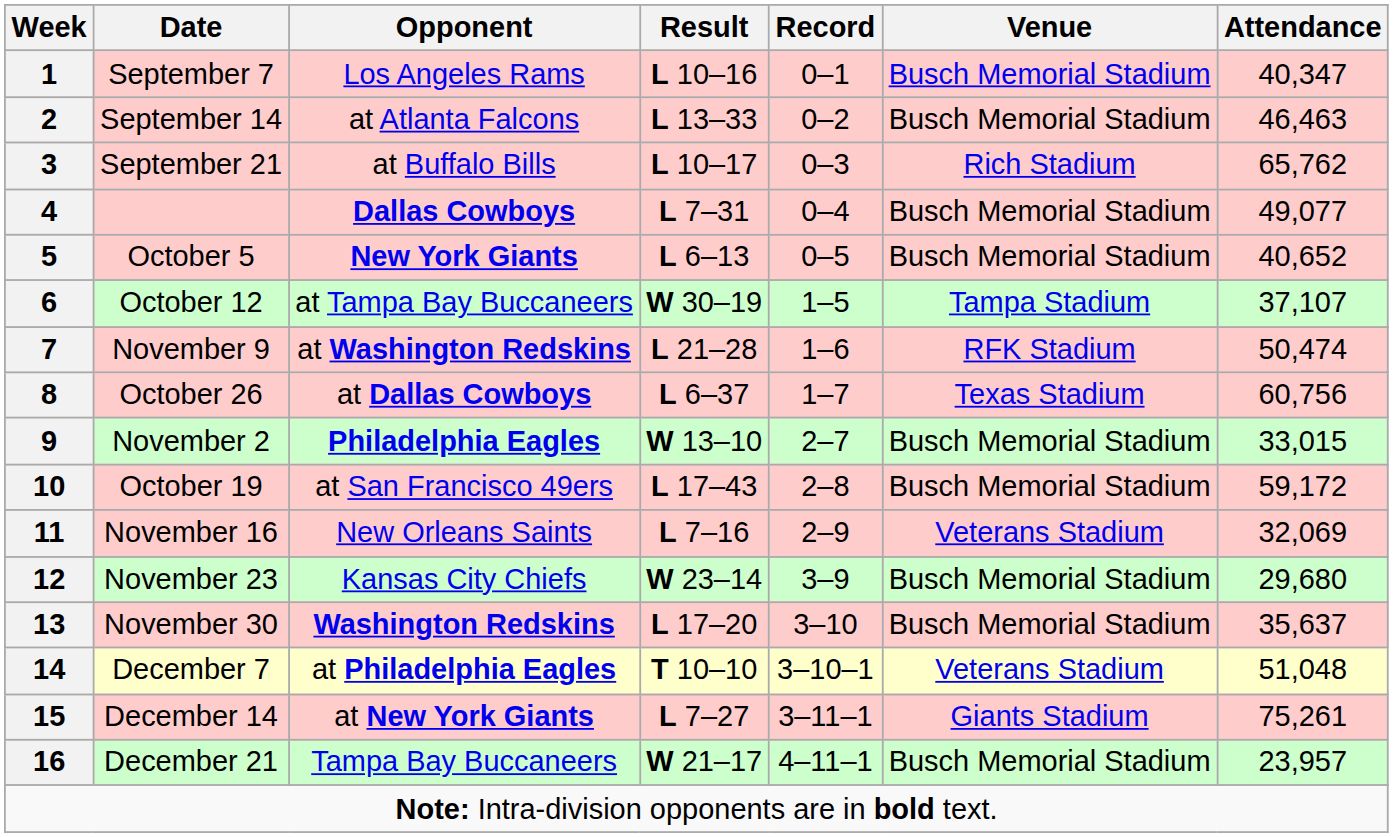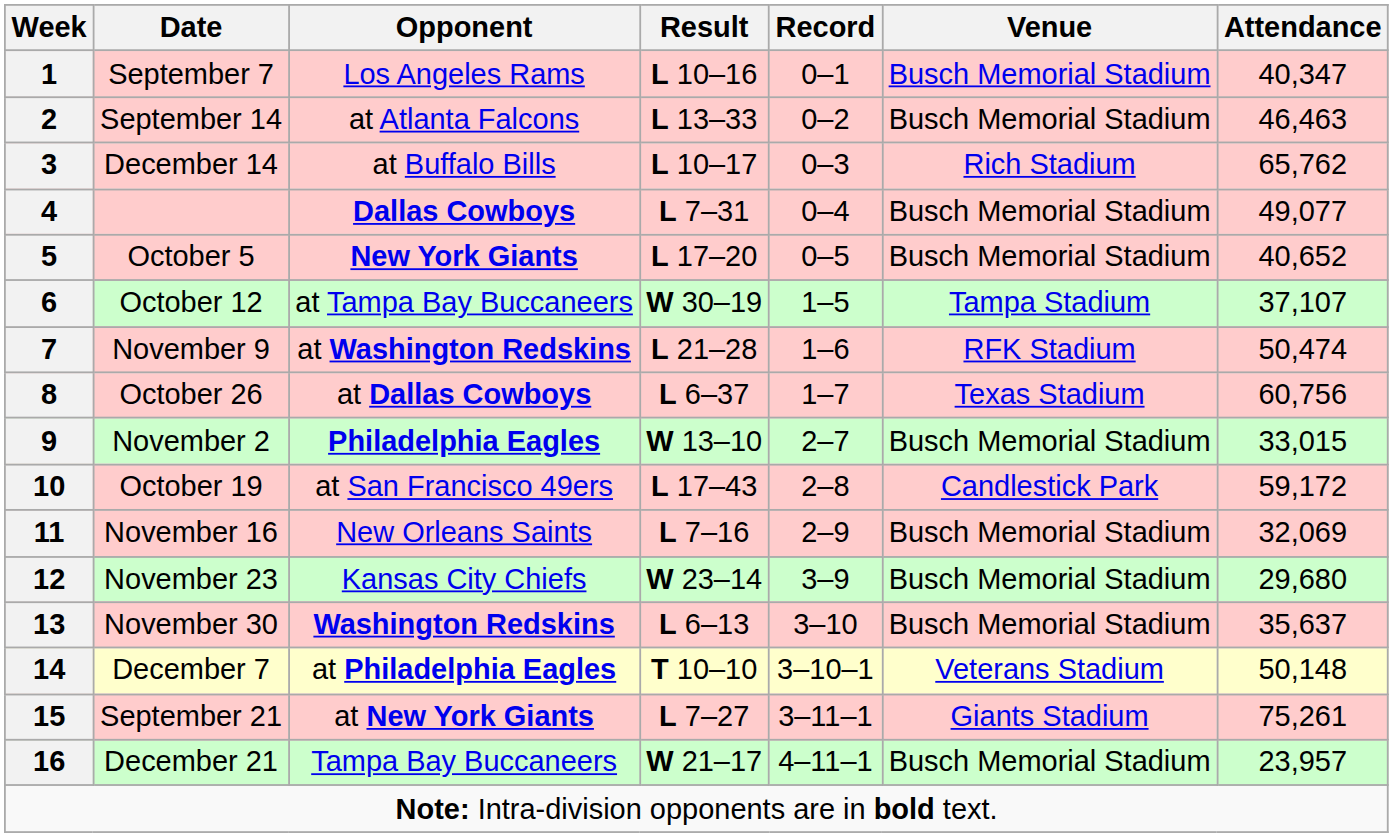 <table class="wikitable" style="text-align:center">
 <tr>
 <th>Week</th>
 <th>Date</th>
 <th>Opponent</th>
 <th>Result</th>
 <th>Record</th>
 <th>Venue</th>
 <th>Attendance</th>
 </tr>
 <tr style="background:#fcc">
 <th>1</th>
 <td>September 7</td>
 <td><a href='#'>Los Angeles Rams</a></td>
 <td><strong>L</strong> 10–16</td>
 <td>0–1</td>
 <td><a href='#'>Busch Memorial Stadium</a></td>
 <td>40,347</td>
 </tr>
 <tr style="background:#fcc">
 <th>2</th>
 <td>September 14</td>
 <td>at <a href='#'>Atlanta Falcons</a></td>
 <td><strong>L</strong> 13–33</td>
 <td>0–2</td>
 <td>Busch Memorial Stadium</td>
 <td>46,463</td>
 </tr>
 <tr style="background:#fcc">
 <th>3</th>
-<td>September 21</td>
+<td>December 14</td>
 <td>at <a href='#'>Buffalo Bills</a></td>
 <td><strong>L</strong> 10–17</td>
 <td>0–3</td>
 <td><a href='#'>Rich Stadium</a></td>
 <td>65,762</td>
 </tr>
 <tr style="background:#fcc">
 <th>4</th>
 <td></td>
 <td><strong><a href='#'>Dallas Cowboys</a></strong></td>
 <td><strong>L</strong> 7–31</td>
 <td>0–4</td>
 <td>Busch Memorial Stadium</td>
 <td>49,077</td>
 </tr>
 <tr style="background:#fcc">
 <th>5</th>
 <td>October 5</td>
 <td><strong><a href='#'>New York Giants</a></strong></td>
-<td><strong>L</strong> 6–13</td>
+<td><strong>L</strong> 17–20</td>
 <td>0–5</td>
 <td>Busch Memorial Stadium</td>
 <td>40,652</td>
 </tr>
 <tr style="background:#cfc">
 <th>6</th>
 <td>October 12</td>
 <td>at <a href='#'>Tampa Bay Buccaneers</a></td>
 <td><strong>W</strong> 30–19</td>
 <td>1–5</td>
 <td><a href='#'>Tampa Stadium</a></td>
 <td>37,107</td>
 </tr>
 <tr style="background:#fcc">
 <th>7</th>
 <td>November 9</td>
 <td>at <strong><a href='#'>Washington Redskins</a></strong></td>
 <td><strong>L</strong> 21–28</td>
 <td>1–6</td>
 <td><a href='#'>RFK Stadium</a></td>
 <td>50,474</td>
 </tr>
 <tr style="background:#fcc">
 <th>8</th>
 <td>October 26</td>
 <td>at <strong><a href='#'>Dallas Cowboys</a></strong></td>
 <td><strong>L</strong> 6–37</td>
 <td>1–7</td>
 <td><a href='#'>Texas Stadium</a></td>
 <td>60,756</td>
 </tr>
 <tr style="background:#cfc">
 <th>9</th>
 <td>November 2</td>
 <td><strong><a href='#'>Philadelphia Eagles</a></strong></td>
 <td><strong>W</strong> 13–10</td>
 <td>2–7</td>
 <td>Busch Memorial Stadium</td>
 <td>33,015</td>
 </tr>
 <tr style="background:#fcc">
 <th>10</th>
 <td>October 19</td>
 <td>at <a href='#'>San Francisco 49ers</a></td>
 <td><strong>L</strong> 17–43</td>
 <td>2–8</td>
-<td>Busch Memorial Stadium</td>
+<td><a href='#'>Candlestick Park</a></td>
 <td>59,172</td>
 </tr>
 <tr style="background:#fcc">
 <th>11</th>
 <td>November 16</td>
 <td><a href='#'>New Orleans Saints</a></td>
 <td><strong>L</strong> 7–16</td>
 <td>2–9</td>
-<td><a href='#'>Veterans Stadium</a></td>
+<td>Busch Memorial Stadium</td>
 <td>32,069</td>
 </tr>
 <tr style="background:#cfc">
 <th>12</th>
 <td>November 23</td>
 <td><a href='#'>Kansas City Chiefs</a></td>
 <td><strong>W</strong> 23–14</td>
 <td>3–9</td>
 <td>Busch Memorial Stadium</td>
 <td>29,680</td>
 </tr>
 <tr style="background:#fcc">
 <th>13</th>
 <td>November 30</td>
 <td><strong><a href='#'>Washington Redskins</a></strong></td>
-<td><strong>L</strong> 17–20</td>
+<td><strong>L</strong> 6–13</td>
 <td>3–10</td>
 <td>Busch Memorial Stadium</td>
 <td>35,637</td>
 </tr>
 <tr style="background:#ffc">
 <th>14</th>
 <td>December 7</td>
 <td>at <strong><a href='#'>Philadelphia Eagles</a></strong></td>
 <td><strong>T</strong> 10–10</td>
 <td>3–10–1</td>
 <td><a href='#'>Veterans Stadium</a></td>
-<td>51,048</td>
+<td>50,148</td>
 </tr>
 <tr style="background:#fcc">
 <th>15</th>
-<td>December 14</td>
+<td>September 21</td>
 <td>at <strong><a href='#'>New York Giants</a></strong></td>
 <td><strong>L</strong> 7–27</td>
 <td>3–11–1</td>
 <td><a href='#'>Giants Stadium</a></td>
 <td>75,261</td>
 </tr>
 <tr style="background:#cfc">
 <th>16</th>
 <td>December 21</td>
 <td><a href='#'>Tampa Bay Buccaneers</a></td>
 <td><strong>W</strong> 21–17</td>
 <td>4–11–1</td>
 <td>Busch Memorial Stadium</td>
 <td>23,957</td>
 </tr>
 <tr>
 <td colspan="8"><strong>Note:</strong> Intra-division opponents are in <strong>bold</strong> text.</td>
 </tr>
 </table>
